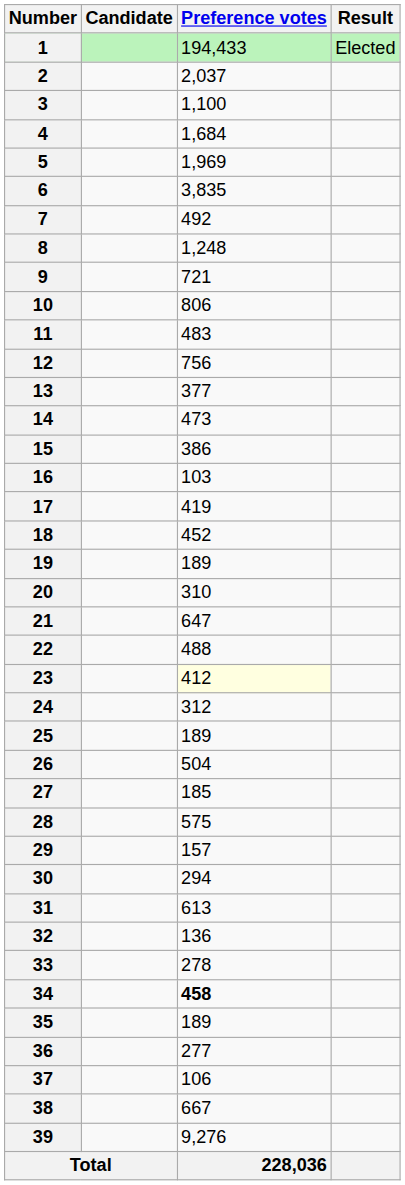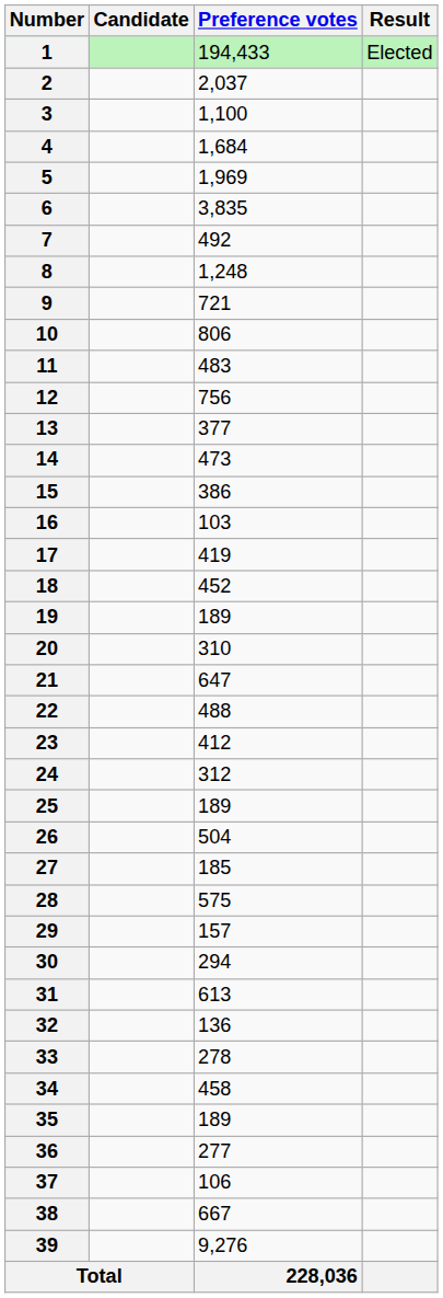 <table class="wikitable sortable" >
 <tr>
 <th scope="col">Number</th>
 <th scope="col">Candidate</th>
 <th scope="col"><a href='#'>Preference votes</a></th>
 <th scope="col">Result</th>
 </tr>
 <tr bgcolor=bbf3bb>
 <th scope="row">1</th>
 <td style="text-align:left"></td>
 <td>194,433</td>
 <td>Elected</td>
 </tr>
 <tr>
 <th scope="row">2</th>
 <td style="text-align:left"></td>
 <td>2,037</td>
 <td></td>
 </tr>
 <tr>
 <th scope="row">3</th>
 <td style="text-align:left"></td>
 <td>1,100</td>
 <td></td>
 </tr>
 <tr>
 <th scope="row">4</th>
 <td style="text-align:left"></td>
 <td>1,684</td>
 <td></td>
 </tr>
 <tr>
 <th scope="row">5</th>
 <td style="text-align:left"></td>
 <td>1,969</td>
 <td></td>
 </tr>
 <tr>
 <th scope="row">6</th>
 <td style="text-align:left"></td>
 <td>3,835</td>
 <td></td>
 </tr>
 <tr>
 <th scope="row">7</th>
 <td style="text-align:left"></td>
 <td>492</td>
 <td></td>
 </tr>
 <tr>
 <th scope="row">8</th>
 <td style="text-align:left"></td>
 <td>1,248</td>
 <td></td>
 </tr>
 <tr>
 <th scope="row">9</th>
 <td style="text-align:left"></td>
 <td>721</td>
 <td></td>
 </tr>
 <tr>
 <th scope="row">10</th>
 <td style="text-align:left"></td>
 <td>806</td>
 <td></td>
 </tr>
 <tr>
 <th scope="row">11</th>
 <td style="text-align:left"></td>
 <td>483</td>
 <td></td>
 </tr>
 <tr>
 <th scope="row">12</th>
 <td style="text-align:left"></td>
 <td>756</td>
 <td></td>
 </tr>
 <tr>
 <th scope="row">13</th>
 <td style="text-align:left"></td>
 <td>377</td>
 <td></td>
 </tr>
 <tr>
 <th scope="row">14</th>
 <td style="text-align:left"></td>
 <td>473</td>
 <td></td>
 </tr>
 <tr>
 <th scope="row">15</th>
 <td style="text-align:left"></td>
 <td>386</td>
 <td></td>
 </tr>
 <tr>
 <th scope="row">16</th>
 <td style="text-align:left"></td>
 <td>103</td>
 <td></td>
 </tr>
 <tr>
 <th scope="row">17</th>
 <td style="text-align:left"></td>
 <td>419</td>
 <td></td>
 </tr>
 <tr>
 <th scope="row">18</th>
 <td style="text-align:left"></td>
 <td>452</td>
 <td></td>
 </tr>
 <tr>
 <th scope="row">19</th>
 <td style="text-align:left"></td>
 <td>189</td>
 <td></td>
 </tr>
 <tr>
 <th scope="row">20</th>
 <td style="text-align:left"></td>
 <td>310</td>
 <td></td>
 </tr>
 <tr>
 <th scope="row">21</th>
 <td style="text-align:left"></td>
 <td>647</td>
 <td></td>
 </tr>
 <tr>
 <th scope="row">22</th>
 <td style="text-align:left"></td>
 <td>488</td>
 <td></td>
 </tr>
 <tr>
 <th scope="row">23</th>
 <td style="text-align:left"></td>
-<td style="background: lightyellow;">412</td>
+<td>412</td>
 <td></td>
 </tr>
 <tr>
 <th scope="row">24</th>
 <td style="text-align:left"></td>
 <td>312</td>
 <td></td>
 </tr>
 <tr>
 <th scope="row">25</th>
 <td style="text-align:left"></td>
 <td>189</td>
 <td></td>
 </tr>
 <tr>
 <th scope="row">26</th>
 <td style="text-align:left"></td>
 <td>504</td>
 <td></td>
 </tr>
 <tr>
 <th scope="row">27</th>
 <td style="text-align:left"></td>
 <td>185</td>
 <td></td>
 </tr>
 <tr>
 <th scope="row">28</th>
 <td style="text-align:left"></td>
 <td>575</td>
 <td></td>
 </tr>
 <tr>
 <th scope="row">29</th>
 <td style="text-align:left"></td>
 <td>157</td>
 <td></td>
 </tr>
 <tr>
 <th scope="row">30</th>
 <td style="text-align:left"></td>
 <td>294</td>
 <td></td>
 </tr>
 <tr>
 <th scope="row">31</th>
 <td style="text-align:left"></td>
 <td>613</td>
 <td></td>
 </tr>
 <tr>
 <th scope="row">32</th>
 <td style="text-align:left"></td>
 <td>136</td>
 <td></td>
 </tr>
 <tr>
 <th scope="row">33</th>
 <td style="text-align:left"></td>
 <td>278</td>
 <td></td>
 </tr>
 <tr>
 <th scope="row">34</th>
 <td style="text-align:left"></td>
-<td><strong>458</strong></td>
+<td>458</td>
 <td></td>
 </tr>
 <tr>
 <th scope="row">35</th>
 <td style="text-align:left"></td>
 <td>189</td>
 <td></td>
 </tr>
 <tr>
 <th scope="row">36</th>
 <td style="text-align:left"></td>
 <td>277</td>
 <td></td>
 </tr>
 <tr>
 <th scope="row">37</th>
 <td style="text-align:left"></td>
 <td>106</td>
 <td></td>
 </tr>
 <tr>
 <th scope="row">38</th>
 <td style="text-align:left"></td>
 <td>667</td>
 <td></td>
 </tr>
 <tr>
 <th scope="row">39</th>
 <td style="text-align:left"></td>
 <td>9,276</td>
 <td></td>
 </tr>
 <tr class="sortbottom">
 <th scope="row"  colspan="2">Total</th>
 <th style="text-align:right">228,036</th>
 <th></th>
 </tr>
 </table>
